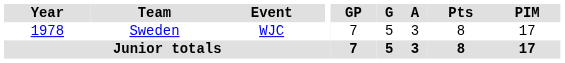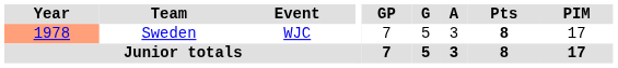 <table border="0" cellpadding="1" cellspacing="0" ID="Table3" style="text-align:center; width:40em">
 <tr bgcolor="#e0e0e0">
 <th>Year</th>
 <th>Team</th>
 <th>Event</th>
 <th rowspan="102" bgcolor="#ffffff"></th>
 <th>GP</th>
 <th>G</th>
 <th>A</th>
 <th>Pts</th>
 <th>PIM</th>
 </tr>
 <tr>
-<td><a href='#'>1978</a></td>
+<td style="background: lightsalmon;"><a href='#'>1978</a></td>
 <td><a href='#'>Sweden</a></td>
 <td><a href='#'>WJC</a></td>
 <td>7</td>
 <td>5</td>
 <td>3</td>
-<td>8</td>
+<td><strong>8</strong></td>
 <td>17</td>
 </tr>
 <tr bgcolor="#e0e0e0">
 <th colspan="4">Junior totals</th>
 <th>7</th>
 <th>5</th>
 <th>3</th>
 <th>8</th>
 <th>17</th>
 </tr>
 </table>
